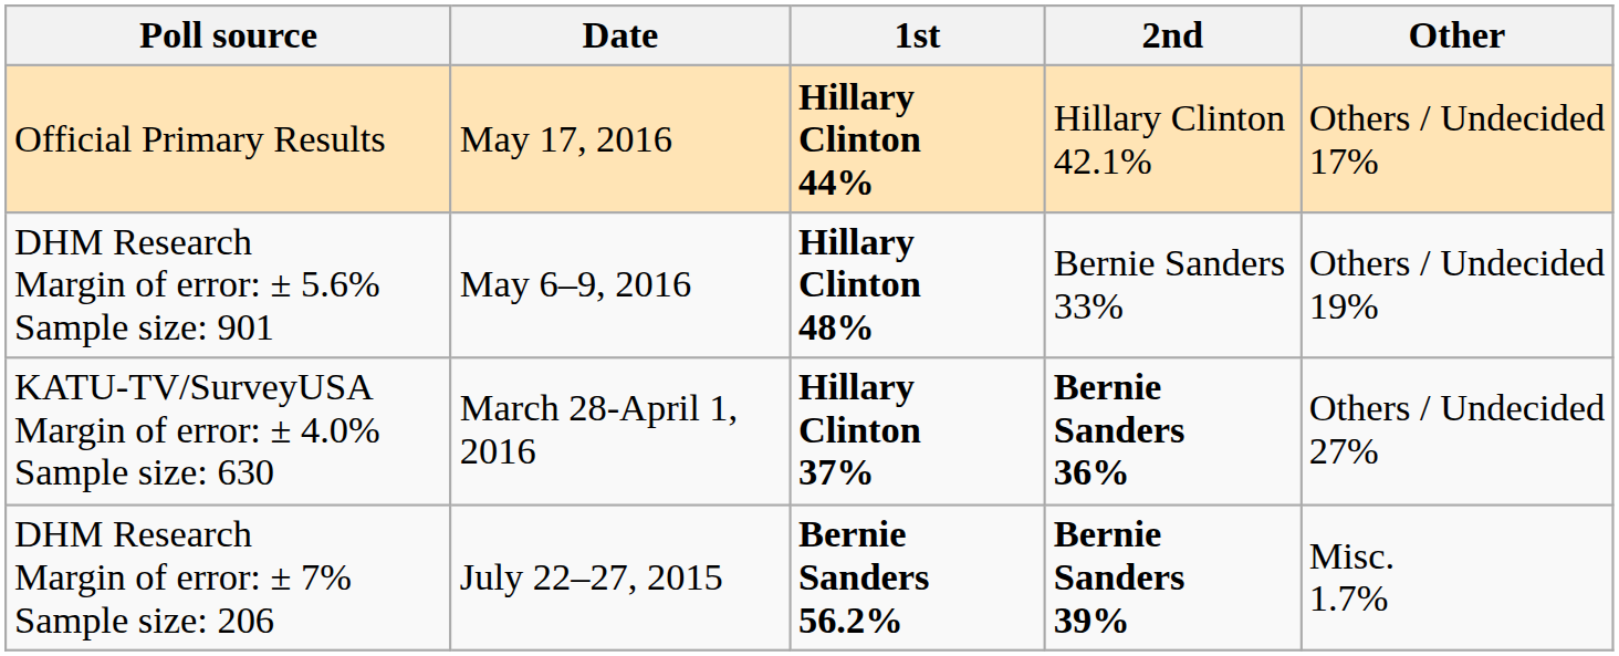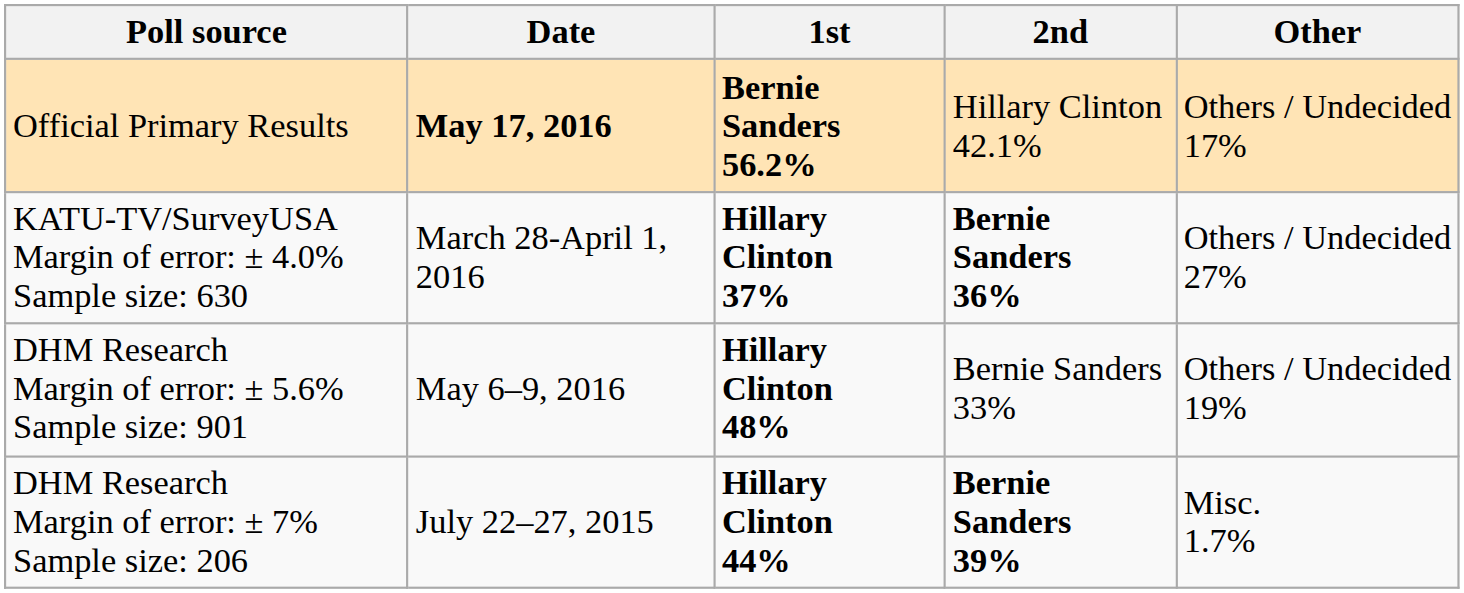 <table class="wikitable">
 <tr>
 <th style="width:180px;">Poll source</th>
 <th style="width:135px;">Date</th>
 <th style="width:100px;">1st</th>
 <th style="width:100px;">2nd</th>
 <th>Other</th>
 </tr>
 <tr style="background:Moccasin;">
 <td>Official Primary Results</td>
-<td>May 17, 2016</td>
-<td><strong>Hillary Clinton<br>44%</strong></td>
+<td><strong>May 17, 2016</strong></td>
+<td><strong>Bernie Sanders<br>56.2%</strong></td>
 <td>Hillary Clinton<br>42.1%</td>
 <td>Others / Undecided<br>17%</td>
+</tr>
+<tr>
+<td>KATU-TV/SurveyUSA<br>Margin of error: ± 4.0% <br>Sample size: 630</td>
+<td>March 28-April 1, 2016</td>
+<td><strong>Hillary Clinton<br>37%</strong></td>
+<td><strong>Bernie Sanders<br>36%</strong></td>
+<td>Others / Undecided<br>27%</td>
 </tr>
 <tr>
 <td>DHM Research<br>Margin of error: ± 5.6% <br>Sample size: 901</td>
 <td>May 6–9, 2016</td>
 <td><strong>Hillary Clinton<br>48%</strong></td>
 <td>Bernie Sanders<br>33%</td>
 <td>Others / Undecided<br>19%</td>
 </tr>
 <tr>
-<td>KATU-TV/SurveyUSA<br>Margin of error: ± 4.0% <br>Sample size: 630</td>
-<td>March 28-April 1, 2016</td>
-<td><strong>Hillary Clinton<br>37%</strong></td>
-<td><strong>Bernie Sanders<br>36%</strong></td>
-<td>Others / Undecided<br>27%</td>
-</tr>
-<tr>
 <td>DHM Research<br>Margin of error: ± 7% <br>Sample size: 206</td>
 <td>July 22–27, 2015</td>
-<td><strong>Bernie Sanders<br>56.2%</strong></td>
+<td><strong>Hillary Clinton<br>44%</strong></td>
 <td><strong>Bernie Sanders<br>39%</strong></td>
 <td>Misc.<br>1.7%</td>
 </tr>
 </table>
